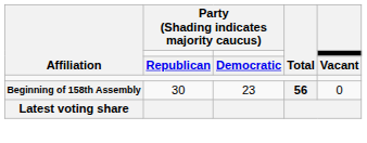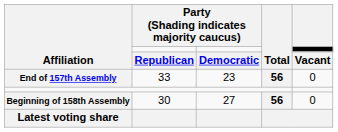 <table class=wikitable style="text-align:center; width:50%">
 <tr style="vertical-align:bottom;">
 <th rowspan=3>Affiliation</th>
 <th colspan=2>Party <div>(Shading indicates majority caucus)</div></th>
 <th rowspan=3>Total</th>
 <th></th>
 </tr>
 <tr style="height:5px">
 <td style="background-color:"></td>
 <td style="background-color:"></td>
 <td style="background: black"></td>
 </tr>
 <tr>
 <th><a href='#'>Republican</a></th>
 <th><a href='#'>Democratic</a></th>
 <th>Vacant</th>
 </tr>
 <tr>
+<th nowrap style="font-size:80%">End of <a href='#'>157th Assembly</a></th>
+<td>33</td>
+<td>23</td>
+<th>56</th>
+<td>0</td>
+</tr>
+<tr>
 <td colspan="4"></td>
 </tr>
 <tr>
 <th nowrap style="font-size:80%">Beginning of 158th Assembly</th>
 <td>30</td>
-<td>23</td>
+<td>27</td>
 <th>56</th>
 <td>0</td>
 </tr>
 <tr>
 <th>Latest voting share</th>
 <th></th>
 <th></th>
 <th colspan=2></th>
 </tr>
 </table>
